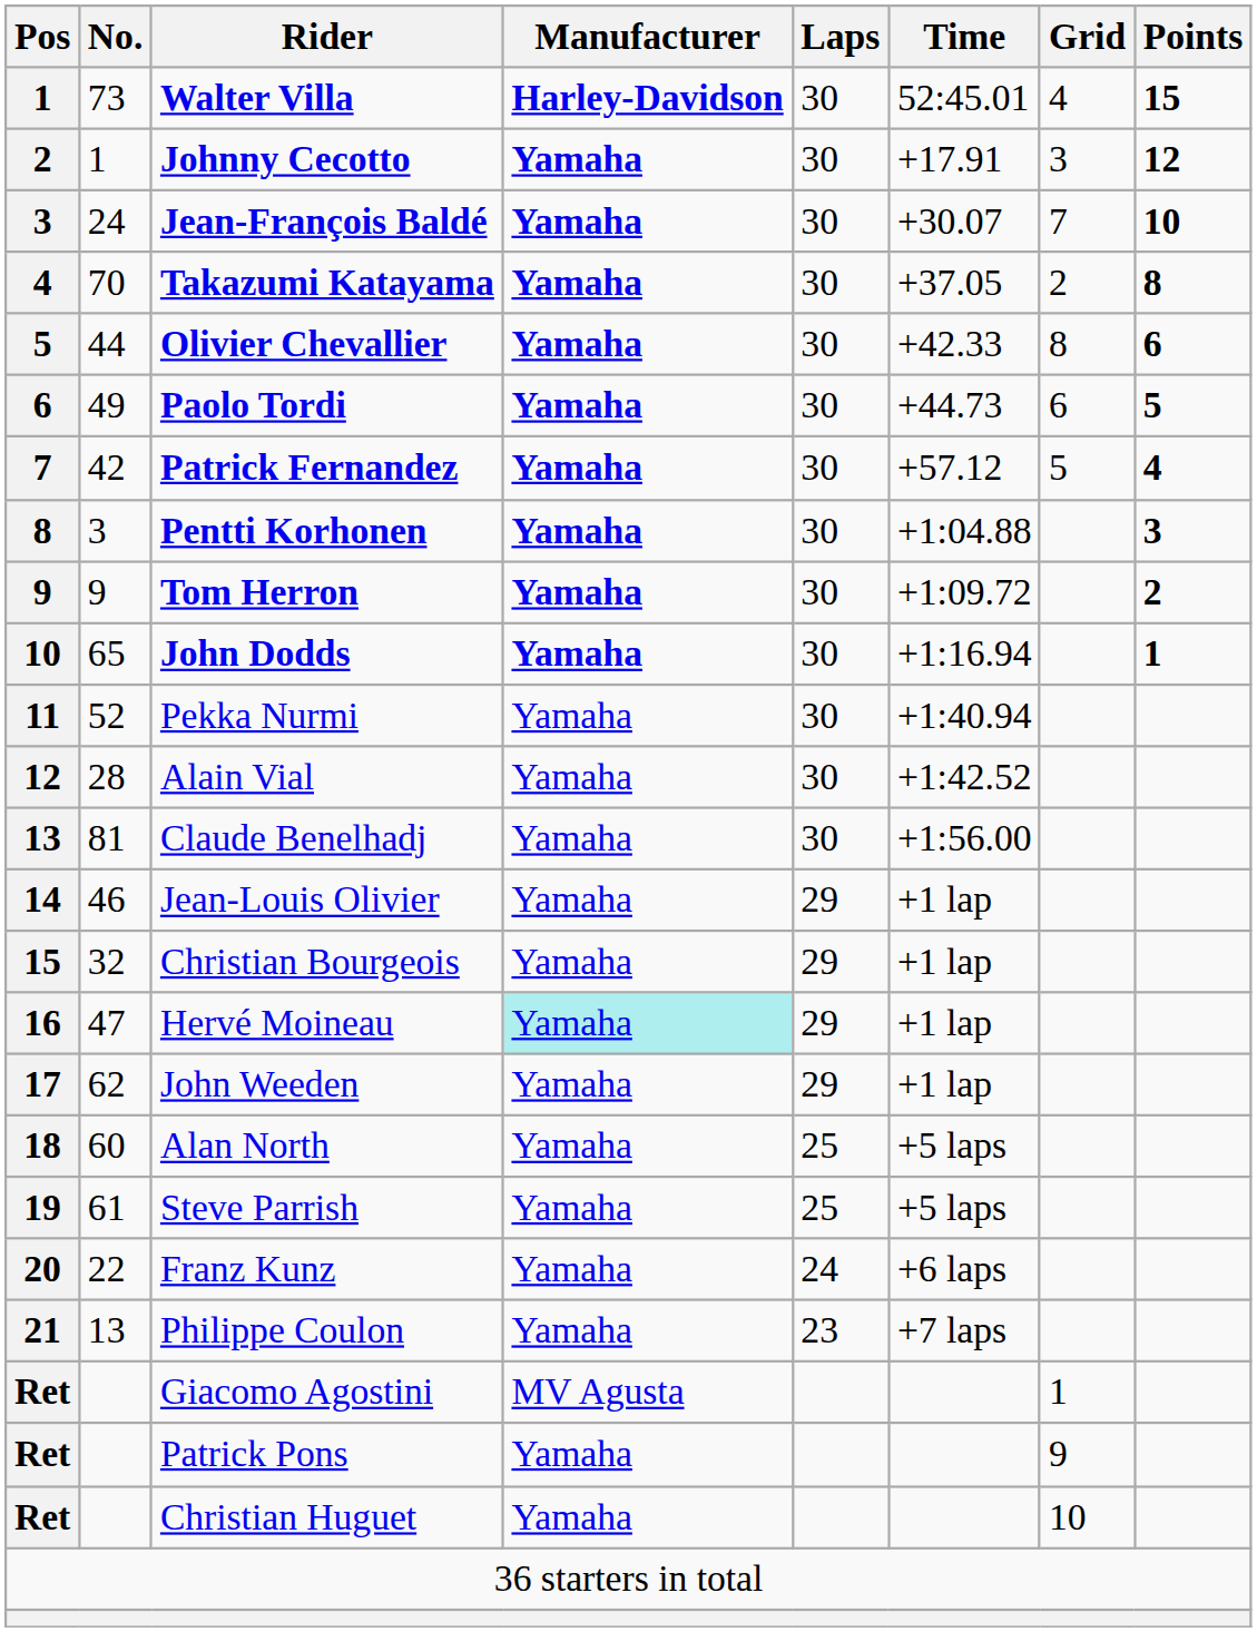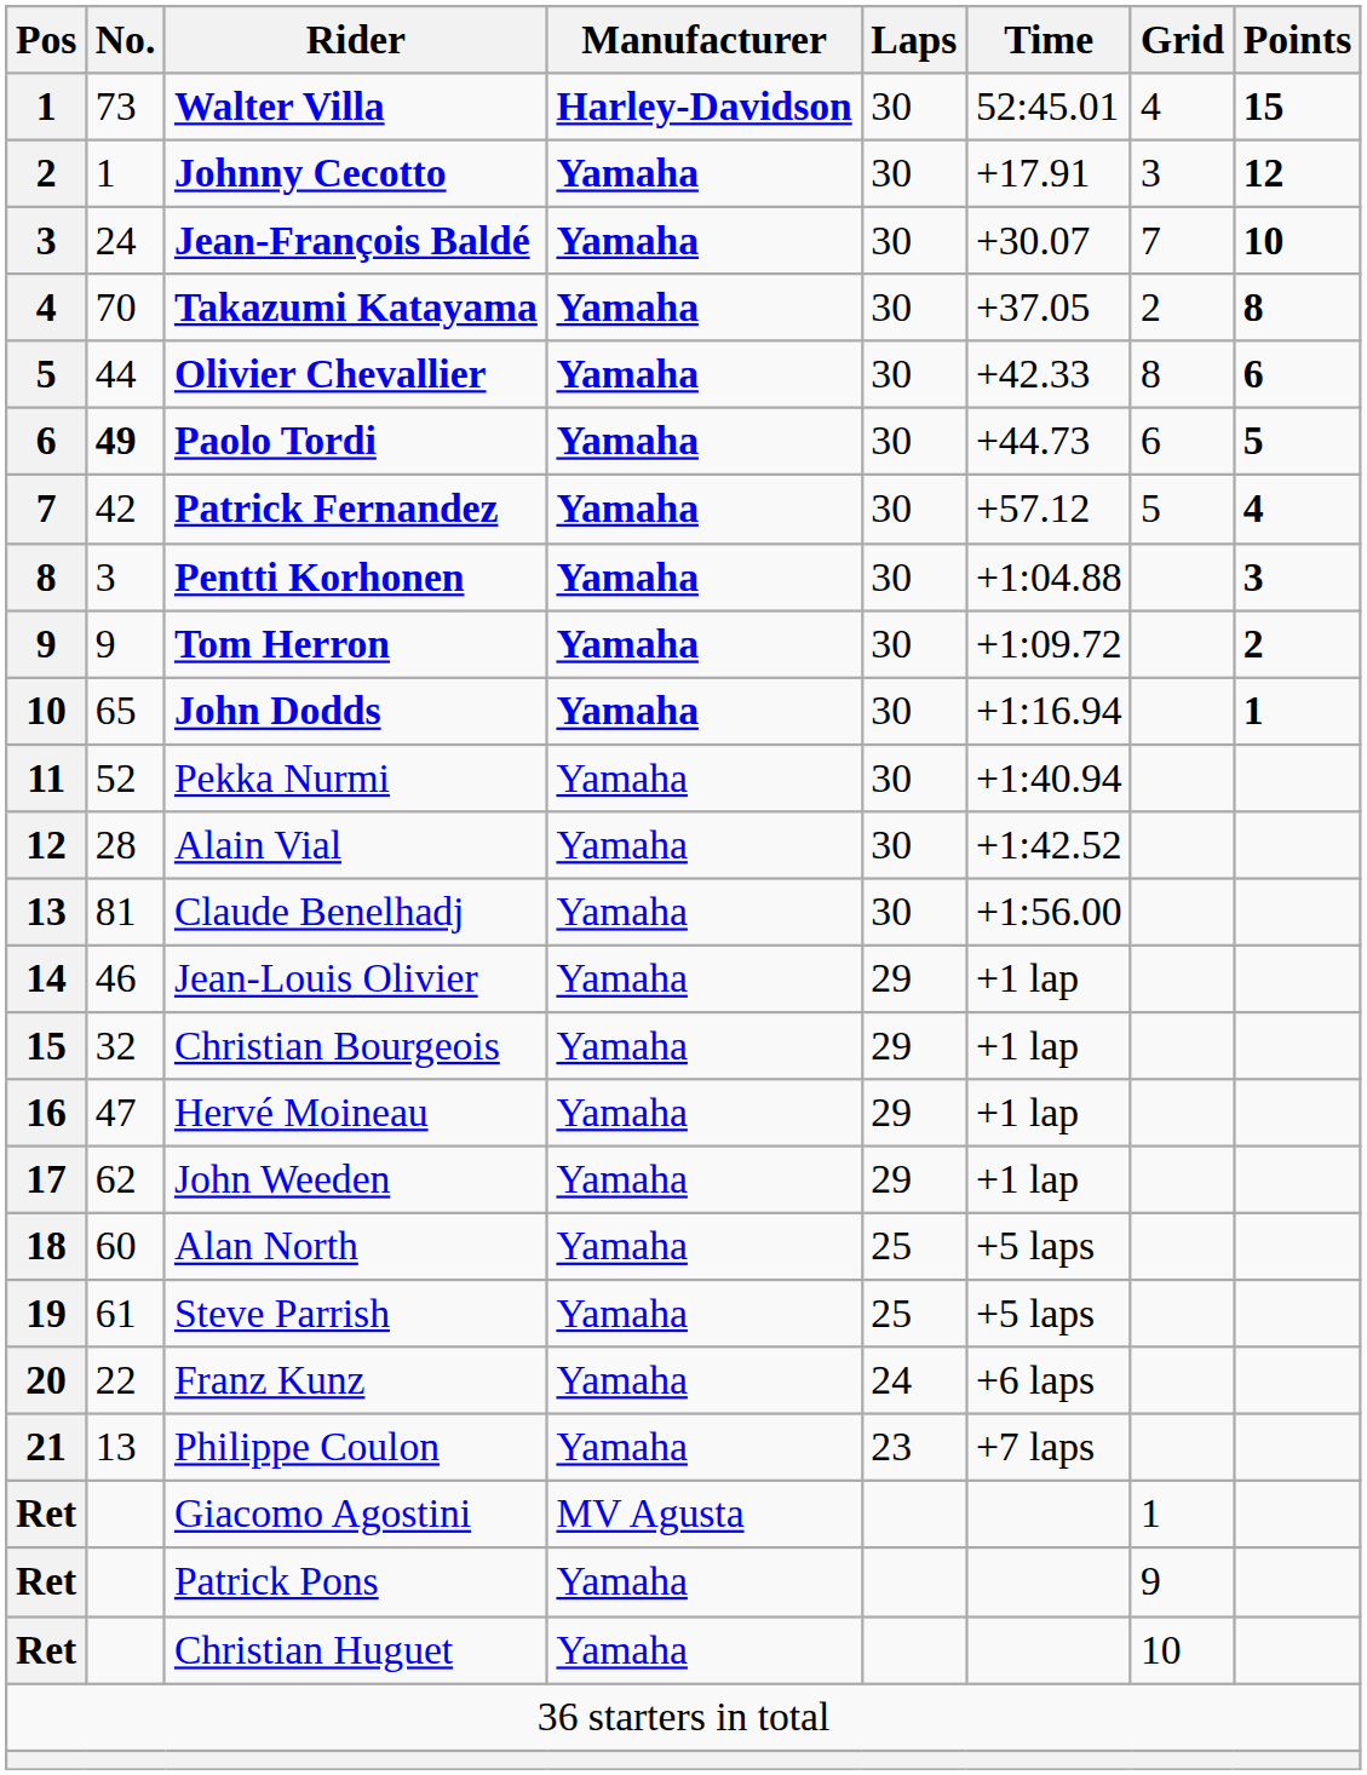 <table class="wikitable" style="font-size: 95%;">
 <tr>
 <th>Pos</th>
 <th>No.</th>
 <th>Rider</th>
 <th>Manufacturer</th>
 <th>Laps</th>
 <th>Time</th>
 <th>Grid</th>
 <th>Points</th>
 </tr>
 <tr>
 <th>1</th>
 <td>73</td>
 <td> <strong><a href='#'>Walter Villa</a></strong></td>
 <td><strong><a href='#'>Harley-Davidson</a></strong></td>
 <td>30</td>
 <td>52:45.01</td>
 <td>4</td>
 <td><strong>15</strong></td>
 </tr>
 <tr>
 <th>2</th>
 <td>1</td>
 <td> <strong><a href='#'>Johnny Cecotto</a></strong></td>
 <td><strong><a href='#'>Yamaha</a></strong></td>
 <td>30</td>
 <td>+17.91</td>
 <td>3</td>
 <td><strong>12</strong></td>
 </tr>
 <tr>
 <th>3</th>
 <td>24</td>
 <td> <strong><a href='#'>Jean-François Baldé</a></strong></td>
 <td><strong><a href='#'>Yamaha</a></strong></td>
 <td>30</td>
 <td>+30.07</td>
 <td>7</td>
 <td><strong>10</strong></td>
 </tr>
 <tr>
 <th>4</th>
 <td>70</td>
 <td> <strong><a href='#'>Takazumi Katayama</a></strong></td>
 <td><strong><a href='#'>Yamaha</a></strong></td>
 <td>30</td>
 <td>+37.05</td>
 <td>2</td>
 <td><strong>8</strong></td>
 </tr>
 <tr>
 <th>5</th>
 <td>44</td>
 <td> <strong><a href='#'>Olivier Chevallier</a></strong></td>
 <td><strong><a href='#'>Yamaha</a></strong></td>
 <td>30</td>
 <td>+42.33</td>
 <td>8</td>
 <td><strong>6</strong></td>
 </tr>
 <tr>
 <th>6</th>
-<td>49</td>
+<td><strong>49</strong></td>
 <td> <strong><a href='#'>Paolo Tordi</a></strong></td>
 <td><strong><a href='#'>Yamaha</a></strong></td>
 <td>30</td>
 <td>+44.73</td>
 <td>6</td>
 <td><strong>5</strong></td>
 </tr>
 <tr>
 <th>7</th>
 <td>42</td>
 <td> <strong><a href='#'>Patrick Fernandez</a></strong></td>
 <td><strong><a href='#'>Yamaha</a></strong></td>
 <td>30</td>
 <td>+57.12</td>
 <td>5</td>
 <td><strong>4</strong></td>
 </tr>
 <tr>
 <th>8</th>
 <td>3</td>
 <td> <strong><a href='#'>Pentti Korhonen</a></strong></td>
 <td><strong><a href='#'>Yamaha</a></strong></td>
 <td>30</td>
 <td>+1:04.88</td>
 <td></td>
 <td><strong>3</strong></td>
 </tr>
 <tr>
 <th>9</th>
 <td>9</td>
 <td> <strong><a href='#'>Tom Herron</a></strong></td>
 <td><strong><a href='#'>Yamaha</a></strong></td>
 <td>30</td>
 <td>+1:09.72</td>
 <td></td>
 <td><strong>2</strong></td>
 </tr>
 <tr>
 <th>10</th>
 <td>65</td>
 <td> <strong><a href='#'>John Dodds</a></strong></td>
 <td><strong><a href='#'>Yamaha</a></strong></td>
 <td>30</td>
 <td>+1:16.94</td>
 <td></td>
 <td><strong>1</strong></td>
 </tr>
 <tr>
 <th>11</th>
 <td>52</td>
 <td> <a href='#'>Pekka Nurmi</a></td>
 <td><a href='#'>Yamaha</a></td>
 <td>30</td>
 <td>+1:40.94</td>
 <td></td>
 <td></td>
 </tr>
 <tr>
 <th>12</th>
 <td>28</td>
 <td> <a href='#'>Alain Vial</a></td>
 <td><a href='#'>Yamaha</a></td>
 <td>30</td>
 <td>+1:42.52</td>
 <td></td>
 <td></td>
 </tr>
 <tr>
 <th>13</th>
 <td>81</td>
 <td> <a href='#'>Claude Benelhadj</a></td>
 <td><a href='#'>Yamaha</a></td>
 <td>30</td>
 <td>+1:56.00</td>
 <td></td>
 <td></td>
 </tr>
 <tr>
 <th>14</th>
 <td>46</td>
 <td> <a href='#'>Jean-Louis Olivier</a></td>
 <td><a href='#'>Yamaha</a></td>
 <td>29</td>
 <td>+1 lap</td>
 <td></td>
 <td></td>
 </tr>
 <tr>
 <th>15</th>
 <td>32</td>
 <td> <a href='#'>Christian Bourgeois</a></td>
 <td><a href='#'>Yamaha</a></td>
 <td>29</td>
 <td>+1 lap</td>
 <td></td>
 <td></td>
 </tr>
 <tr>
 <th>16</th>
 <td>47</td>
 <td> <a href='#'>Hervé Moineau</a></td>
-<td style="background: paleturquoise;"><a href='#'>Yamaha</a></td>
+<td><a href='#'>Yamaha</a></td>
 <td>29</td>
 <td>+1 lap</td>
 <td></td>
 <td></td>
 </tr>
 <tr>
 <th>17</th>
 <td>62</td>
 <td> <a href='#'>John Weeden</a></td>
 <td><a href='#'>Yamaha</a></td>
 <td>29</td>
 <td>+1 lap</td>
 <td></td>
 <td></td>
 </tr>
 <tr>
 <th>18</th>
 <td>60</td>
 <td> <a href='#'>Alan North</a></td>
 <td><a href='#'>Yamaha</a></td>
 <td>25</td>
 <td>+5 laps </td>
 <td></td>
 <td></td>
 </tr>
 <tr>
 <th>19</th>
 <td>61</td>
 <td> <a href='#'>Steve Parrish</a></td>
 <td><a href='#'>Yamaha</a></td>
 <td>25</td>
 <td>+5 laps </td>
 <td></td>
 <td></td>
 </tr>
 <tr>
 <th>20</th>
 <td>22</td>
 <td> <a href='#'>Franz Kunz</a></td>
 <td><a href='#'>Yamaha</a></td>
 <td>24</td>
 <td>+6 laps </td>
 <td></td>
 <td></td>
 </tr>
 <tr>
 <th>21</th>
 <td>13</td>
 <td> <a href='#'>Philippe Coulon</a></td>
 <td><a href='#'>Yamaha</a></td>
 <td>23</td>
 <td>+7 laps </td>
 <td></td>
 <td></td>
 </tr>
 <tr>
 <th>Ret</th>
 <td></td>
 <td> <a href='#'>Giacomo Agostini</a></td>
 <td><a href='#'>MV Agusta</a></td>
 <td></td>
 <td></td>
 <td>1</td>
 <td></td>
 </tr>
 <tr>
 <th>Ret</th>
 <td></td>
 <td> <a href='#'>Patrick Pons</a></td>
 <td><a href='#'>Yamaha</a></td>
 <td></td>
 <td></td>
 <td>9</td>
 <td></td>
 </tr>
 <tr>
 <th>Ret</th>
 <td></td>
 <td> <a href='#'>Christian Huguet</a></td>
 <td><a href='#'>Yamaha</a></td>
 <td></td>
 <td></td>
 <td>10</td>
 <td></td>
 </tr>
 <tr>
 <td colspan=8 align=center>36 starters in total</td>
 </tr>
 <tr>
 <th colspan=8></th>
 </tr>
 </table>
